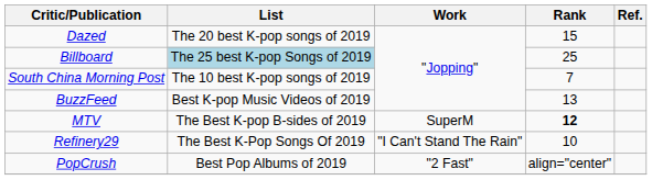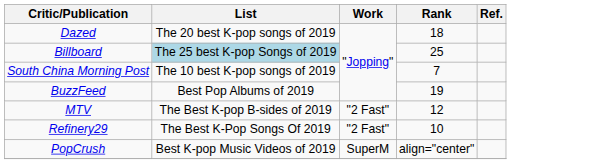 <table class="sortable wikitable">
 <tr>
 <th>Critic/Publication</th>
 <th>List</th>
 <th>Work</th>
 <th>Rank</th>
 <th>Ref.</th>
 </tr>
 <tr>
 <td align="center"><em><a href='#'>Dazed</a></em></td>
 <td align="center">The 20 best K-pop songs of 2019</td>
 <td align="center" rowspan="4">"<a href='#'>Jopping</a>"</td>
-<td align="center">15</td>
+<td align="center">18</td>
 <td align="center"></td>
 </tr>
 <tr>
 <td align="center"><em><a href='#'>Billboard</a></em></td>
 <td align="center" style="background: lightblue;">The 25 best K-pop Songs of 2019</td>
 <td align="center">25</td>
 <td align="center"></td>
 </tr>
 <tr>
 <td align="center"><em><a href='#'>South China Morning Post</a></em></td>
 <td align="center">The 10 best K-pop songs of 2019</td>
 <td align="center">7</td>
 <td align="center"></td>
 </tr>
 <tr>
 <td align="center"><em><a href='#'>BuzzFeed</a></em></td>
-<td align="center">Best K-pop Music Videos of 2019</td>
-<td align="center">13</td>
+<td align="center">Best Pop Albums of 2019</td>
+<td align="center">19</td>
 <td align="center"></td>
 </tr>
 <tr>
 <td align="center"><em><a href='#'>MTV</a></em></td>
 <td align="center">The Best K-pop B-sides of 2019</td>
-<td align="center">SuperM</td>
-<td align="center"><strong>12</strong></td>
+<td align="center">"2 Fast"</td>
+<td align="center">12</td>
 <td align="center"></td>
 </tr>
 <tr>
 <td align="center"><em><a href='#'>Refinery29</a></em></td>
 <td align="center">The Best K-Pop Songs Of 2019</td>
-<td align="center">"I Can't Stand The Rain"</td>
+<td align="center">"2 Fast"</td>
 <td align="center">10</td>
 <td align="center"></td>
 </tr>
 <tr>
 <td align="center"><em><a href='#'>PopCrush</a></em></td>
-<td align="center">Best Pop Albums of 2019</td>
-<td align="center">"2 Fast"</td>
+<td align="center">Best K-pop Music Videos of 2019</td>
+<td align="center">SuperM</td>
 <td>align="center" </td>
 <td align="center"></td>
 </tr>
 <tr>
 </tr>
 </table>
